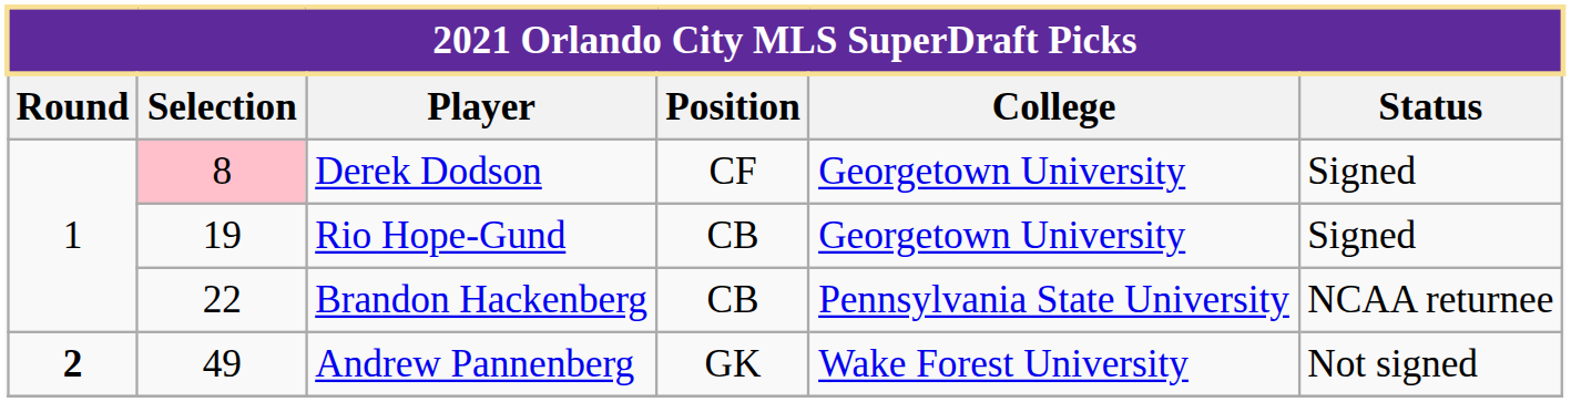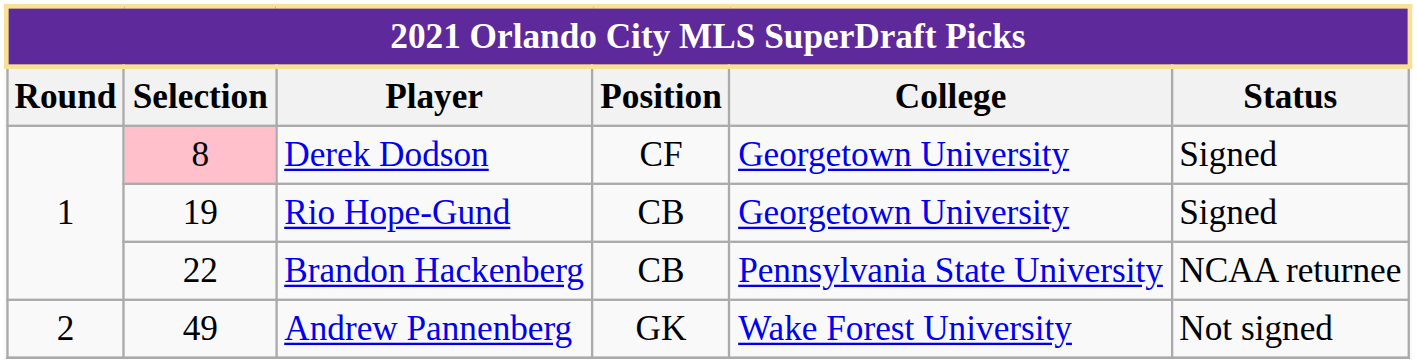 <table class="wikitable" style="text-align:left; font-size:95%;">
 <tr>
 <th colspan="6" style="background:#5E299A; color:white; border:2px solid #F8E196;" scope="col">2021 Orlando City MLS SuperDraft Picks</th>
 </tr>
 <tr>
 <th>Round</th>
 <th>Selection</th>
 <th>Player</th>
 <th>Position</th>
 <th>College</th>
 <th>Status</th>
 </tr>
 <tr>
 <td rowspan="3" align="center">1</td>
 <td align="center" style="background: pink;">8</td>
 <td> <a href='#'>Derek Dodson</a></td>
 <td align="center">CF</td>
 <td> <a href='#'>Georgetown University</a></td>
 <td>Signed</td>
 </tr>
 <tr>
 <td align="center">19</td>
 <td> <a href='#'>Rio Hope-Gund</a></td>
 <td align="center">CB</td>
 <td> <a href='#'>Georgetown University</a></td>
 <td>Signed</td>
 </tr>
 <tr>
 <td align="center">22</td>
 <td> <a href='#'>Brandon Hackenberg</a></td>
 <td align="center">CB</td>
 <td> <a href='#'>Pennsylvania State University</a></td>
 <td>NCAA returnee</td>
 </tr>
 <tr>
-<td align="center"><strong>2</strong></td>
+<td align="center">2</td>
 <td align="center">49</td>
 <td> <a href='#'>Andrew Pannenberg</a></td>
 <td align="center">GK</td>
 <td> <a href='#'>Wake Forest University</a></td>
 <td>Not signed</td>
 </tr>
 <tr>
 </tr>
 </table>
